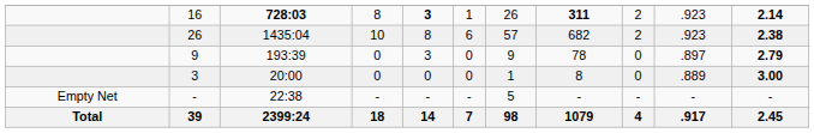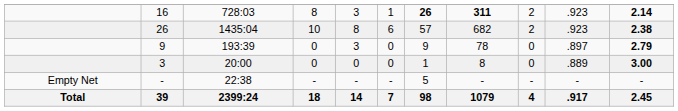 <table class="wikitable sortable" width ="1000">
 <tr align="center">
 </tr>
 <tr align="center" bgcolor="">
 <td></td>
 <td>16</td>
-<td><strong>728:03</strong></td>
+<td>728:03</td>
 <td>8</td>
-<td><strong>3</strong></td>
+<td>3</td>
 <td>1</td>
-<td>26</td>
+<td><strong>26</strong></td>
 <td><strong>311</strong></td>
 <td>2</td>
 <td>.923</td>
 <td><strong>2.14</strong></td>
 </tr>
 <tr align="center" bgcolor="f0f0f0">
 <td></td>
 <td>26</td>
 <td>1435:04</td>
 <td>10</td>
 <td>8</td>
 <td>6</td>
 <td>57</td>
 <td>682</td>
 <td>2</td>
 <td>.923</td>
 <td><strong>2.38</strong></td>
 </tr>
 <tr align="center" bgcolor="">
 <td></td>
 <td>9</td>
 <td>193:39</td>
 <td>0</td>
 <td>3</td>
 <td>0</td>
 <td>9</td>
 <td>78</td>
 <td>0</td>
 <td>.897</td>
 <td><strong>2.79</strong></td>
 </tr>
 <tr align="center" bgcolor="f0f0f0">
 <td></td>
 <td>3</td>
 <td>20:00</td>
 <td>0</td>
 <td>0</td>
 <td>0</td>
 <td>1</td>
 <td>8</td>
 <td>0</td>
 <td>.889</td>
 <td><strong>3.00</strong></td>
 </tr>
 <tr align="center" bgcolor="">
 <td>Empty Net</td>
 <td>-</td>
 <td>22:38</td>
 <td>-</td>
 <td>-</td>
 <td>-</td>
 <td>5</td>
 <td>-</td>
 <td>-</td>
 <td>-</td>
 <td>-</td>
 </tr>
 <tr>
 <th>Total</th>
 <th>39</th>
 <th>2399:24</th>
 <th>18</th>
 <th>14</th>
 <th>7</th>
 <th>98</th>
 <th>1079</th>
 <th>4</th>
 <th>.917</th>
 <th>2.45</th>
 </tr>
 </table>
